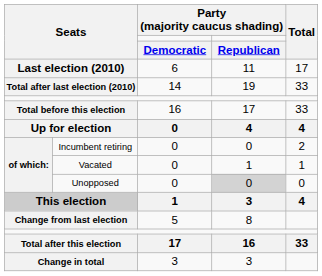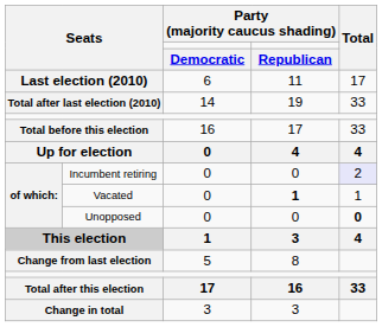 <table class="wikitable" style="text-align:center">
 <tr>
 <th colspan="2" rowspan="3">Seats</th>
 <th colspan="2">Party<div>(majority caucus shading)</div></th>
 <th rowspan="3">Total</th>
 </tr>
 <tr style="height:5px">
 <td style="background-color:"></td>
 <td style="background-color:"></td>
 </tr>
 <tr>
 <th><a href='#'>Democratic</a></th>
 <th><a href='#'>Republican</a></th>
 </tr>
 <tr>
 <th colspan="2" nowrap="">Last election (2010)</th>
 <td>6</td>
 <td>11</td>
 <td>17</td>
 </tr>
 <tr>
 <th colspan="2" nowrap="" style="font-size:80%">Total after last election (2010)</th>
 <td>14</td>
 <td>19</td>
 <td>33</td>
 </tr>
 <tr>
 <td colspan="5"></td>
 </tr>
 <tr>
 <th colspan="2" nowrap="" style="font-size:80%">Total before this election</th>
 <td>16</td>
 <td>17</td>
 <td>33</td>
 </tr>
 <tr>
 <th colspan="2">Up for election</th>
 <th>0</th>
 <th>4</th>
 <th>4</th>
 </tr>
 <tr>
 <th rowspan="3" style="font-size:80%">of which:</th>
 <td nowrap="" style="font-size:80%">Incumbent retiring</td>
 <td>0</td>
 <td>0</td>
-<td>2</td>
+<td style="background: lavender;">2</td>
 </tr>
 <tr>
 <td nowrap="" style="font-size:80%">Vacated</td>
 <td>0</td>
-<td>1</td>
+<td><strong>1</strong></td>
 <td>1</td>
 </tr>
 <tr>
 <td nowrap="" style="font-size:80%">Unopposed</td>
 <td>0</td>
-<td style="background: lightgrey;">0</td>
 <td>0</td>
+<td><strong>0</strong></td>
 </tr>
 <tr>
 <th colspan="2" nowrap="" style="background:#ccc">This election</th>
 <th>1</th>
 <th>3</th>
 <th>4</th>
 </tr>
 <tr>
 <th colspan="2" nowrap="" style="font-size:80%">Change from last election</th>
 <td> 5</td>
 <td> 8</td>
 <td></td>
 </tr>
 <tr>
 <td colspan="5"></td>
 </tr>
 <tr>
 <th colspan="2" nowrap="" style="font-size:80%">Total after this election</th>
 <th>17</th>
 <th>16</th>
 <th>33</th>
 </tr>
 <tr>
 <th colspan="2" nowrap="" style="font-size:80%">Change in total</th>
 <td> 3</td>
 <td> 3</td>
 <td></td>
 </tr>
 </table>
